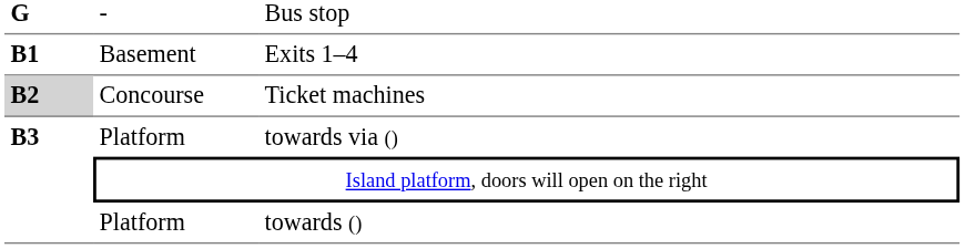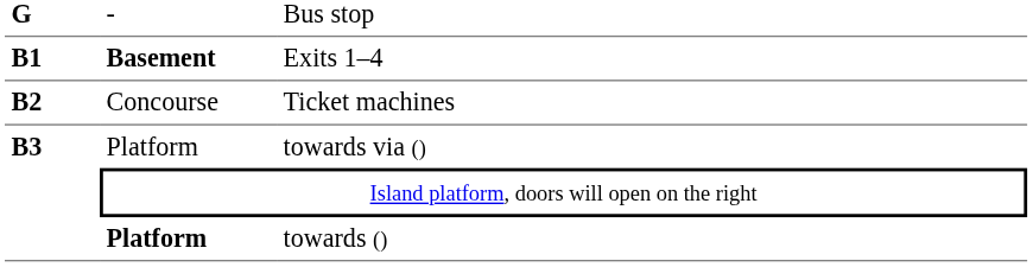 <table table border=0 cellspacing=0 cellpadding=4>
 <tr>
 <td style = "border-bottom:solid 1px gray;" rowspan=1 valign=top><strong>G</strong></td>
 <td style = "border-bottom:solid 1px gray;" valign=top>-</td>
 <td style = "border-bottom:solid 1px gray;" valign=top>Bus stop</td>
 </tr>
 <tr>
 <td style = "border-bottom:solid 1px gray;" rowspan=1 valign=top><strong>B1</strong></td>
-<td style = "border-bottom:solid 1px gray;" valign=top>Basement</td>
+<td style = "border-bottom:solid 1px gray;" valign=top><strong>Basement</strong></td>
 <td style = "border-bottom:solid 1px gray;" valign=top>Exits 1–4</td>
 </tr>
 <tr>
-<td style = "background: lightgrey; border-bottom:solid 1px gray;" rowspan=1 valign=top><strong>B2</strong></td>
+<td style = "border-bottom:solid 1px gray;" rowspan=1 valign=top><strong>B2</strong></td>
 <td style = "border-bottom:solid 1px gray;" valign=top>Concourse</td>
 <td style = "border-bottom:solid 1px gray;" valign=top>Ticket machines</td>
 </tr>
 <tr>
 <td style="border-bottom:solid 1px gray;" rowspan=3 valign=top width=50><strong>B3</strong></td>
 <td width=100>Platform </td>
 <td width=450> towards  via  <small>()</small></td>
 </tr>
 <tr>
 <td style = "border-top:solid 2px black;border-right:solid 2px black;border-left:solid 2px black;border-bottom:solid 2px black; text-align:center;" colspan=2><small><a href='#'>Island platform</a>, doors will open on the right</small></td>
 </tr>
 <tr>
-<td style="border-bottom:solid 1px gray;" width=100>Platform </td>
+<td style="border-bottom:solid 1px gray;" width=100><strong>Platform </strong></td>
 <td style="border-bottom:solid 1px gray;" width=450> towards  <small>()</small></td>
 </tr>
 </table>
